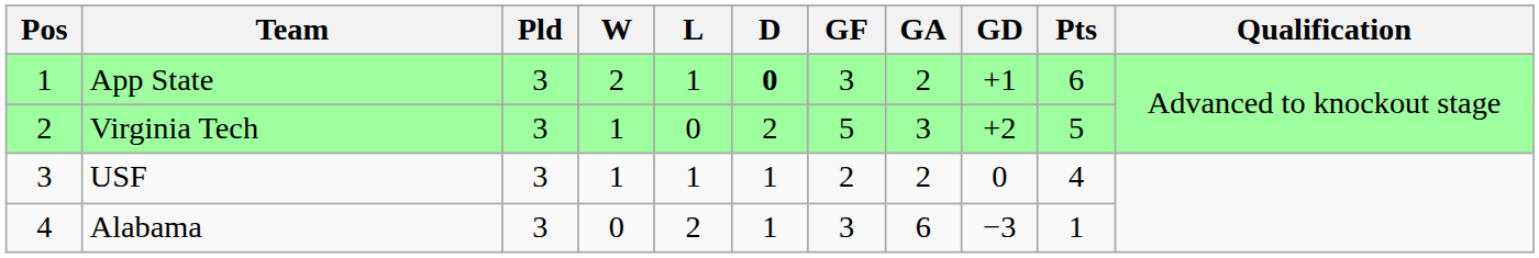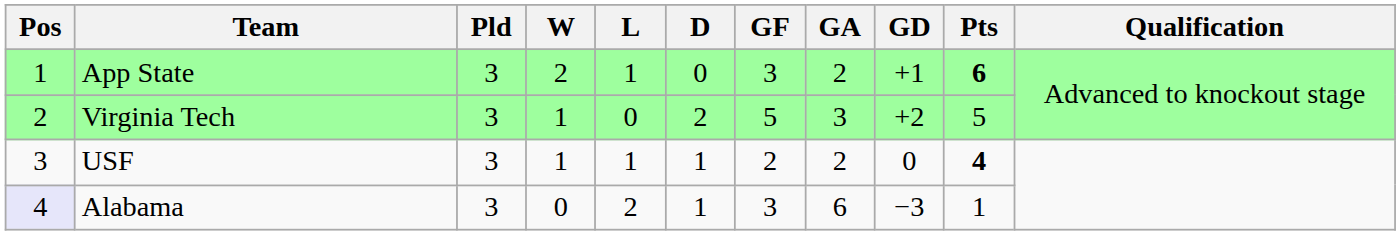 <table class="wikitable" style="text-align:center; margin: 1em auto">
 <tr>
 <th style="width:2em">Pos</th>
 <th style="width:13em">Team</th>
 <th style="width:2em">Pld</th>
 <th style="width:2em">W</th>
 <th style="width:2em">L</th>
 <th style="width:2em">D</th>
 <th style="width:2em">GF</th>
 <th style="width:2em">GA</th>
 <th style="width:2em">GD</th>
 <th style="width:2em">Pts</th>
 <th style="width:13em">Qualification</th>
 </tr>
 <tr bgcolor="#9eff9e">
 <td>1</td>
 <td style="text-align:left">App State</td>
 <td>3</td>
 <td>2</td>
 <td>1</td>
-<td><strong>0</strong></td>
+<td>0</td>
 <td>3</td>
 <td>2</td>
 <td>+1</td>
-<td>6</td>
+<td><strong>6</strong></td>
 <td rowspan="2">Advanced to knockout stage</td>
 </tr>
 <tr bgcolor="#9eff9e">
 <td>2</td>
 <td style="text-align:left">Virginia Tech</td>
 <td>3</td>
 <td>1</td>
 <td>0</td>
 <td>2</td>
 <td>5</td>
 <td>3</td>
 <td>+2</td>
 <td>5</td>
 </tr>
 <tr>
 <td>3</td>
 <td style="text-align:left">USF</td>
 <td>3</td>
 <td>1</td>
 <td>1</td>
 <td>1</td>
 <td>2</td>
 <td>2</td>
 <td>0</td>
-<td>4</td>
+<td><strong>4</strong></td>
 <td rowspan="2"></td>
 </tr>
 <tr>
-<td>4</td>
+<td style="background: lavender;">4</td>
 <td style="text-align:left">Alabama</td>
 <td>3</td>
 <td>0</td>
 <td>2</td>
 <td>1</td>
 <td>3</td>
 <td>6</td>
 <td>−3</td>
 <td>1</td>
 </tr>
 </table>
